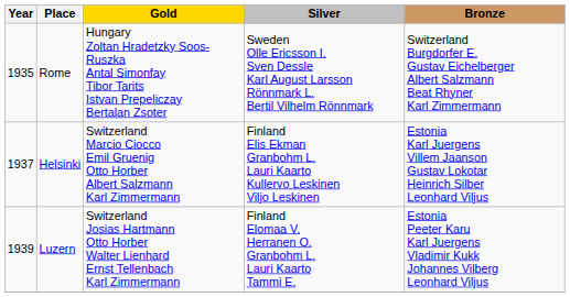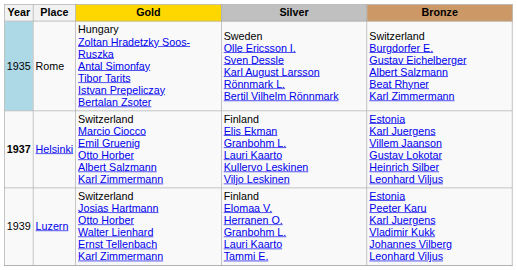 <table class="wikitable">
 <tr>
 <th>Year</th>
 <th>Place</th>
 <th style="background:gold"    width="210">Gold</th>
 <th style="background:silver"  width="210">Silver</th>
 <th style="background:#cc9966" width="210">Bronze</th>
 </tr>
 <tr>
-<td>1935</td>
+<td style="background: lightblue;">1935</td>
 <td> Rome</td>
 <td> Hungary<br><a href='#'>Zoltan Hradetzky Soos-Ruszka</a><br><a href='#'>Antal Simonfay</a><br><a href='#'>Tibor Tarits</a><br><a href='#'>Istvan Prepeliczay</a><br><a href='#'>Bertalan Zsoter</a></td>
 <td> Sweden<br><a href='#'>Olle Ericsson I.</a><br><a href='#'>Sven Dessle</a><br><a href='#'>Karl August Larsson</a><br><a href='#'>Rönnmark L.</a><br><a href='#'>Bertil Vilhelm Rönnmark</a></td>
 <td> Switzerland<br><a href='#'>Burgdorfer E.</a><br><a href='#'>Gustav Eichelberger</a><br><a href='#'>Albert Salzmann</a><br><a href='#'>Beat Rhyner</a><br><a href='#'>Karl Zimmermann</a></td>
 </tr>
 <tr>
-<td>1937</td>
+<td><strong>1937</strong></td>
 <td> <a href='#'>Helsinki</a></td>
 <td> Switzerland<br><a href='#'>Marcio Ciocco</a><br><a href='#'>Emil Gruenig</a><br><a href='#'>Otto Horber</a><br><a href='#'>Albert Salzmann</a><br><a href='#'>Karl Zimmermann</a></td>
 <td> Finland<br><a href='#'>Elis Ekman</a><br><a href='#'>Granbohm L.</a><br><a href='#'>Lauri Kaarto</a><br><a href='#'>Kullervo Leskinen</a><br><a href='#'>Viljo Leskinen</a></td>
 <td> <a href='#'>Estonia</a><br><a href='#'>Karl Juergens</a><br><a href='#'>Villem Jaanson</a><br><a href='#'>Gustav Lokotar</a><br><a href='#'>Heinrich Silber</a><br><a href='#'>Leonhard Viljus</a></td>
 </tr>
 <tr>
 <td>1939</td>
 <td> <a href='#'>Luzern</a></td>
 <td> Switzerland<br><a href='#'>Josias Hartmann</a><br><a href='#'>Otto Horber</a><br><a href='#'>Walter Lienhard</a><br><a href='#'>Ernst Tellenbach</a><br><a href='#'>Karl Zimmermann</a></td>
 <td> Finland<br><a href='#'>Elomaa V.</a><br><a href='#'>Herranen O.</a><br><a href='#'>Granbohm L.</a><br><a href='#'>Lauri Kaarto</a><br><a href='#'>Tammi E.</a></td>
 <td> <a href='#'>Estonia</a><br><a href='#'>Peeter Karu</a><br><a href='#'>Karl Juergens</a><br><a href='#'>Vladimir Kukk</a><br><a href='#'>Johannes Vilberg</a><br><a href='#'>Leonhard Viljus</a></td>
 </tr>
 <tr>
 </tr>
 </table>
